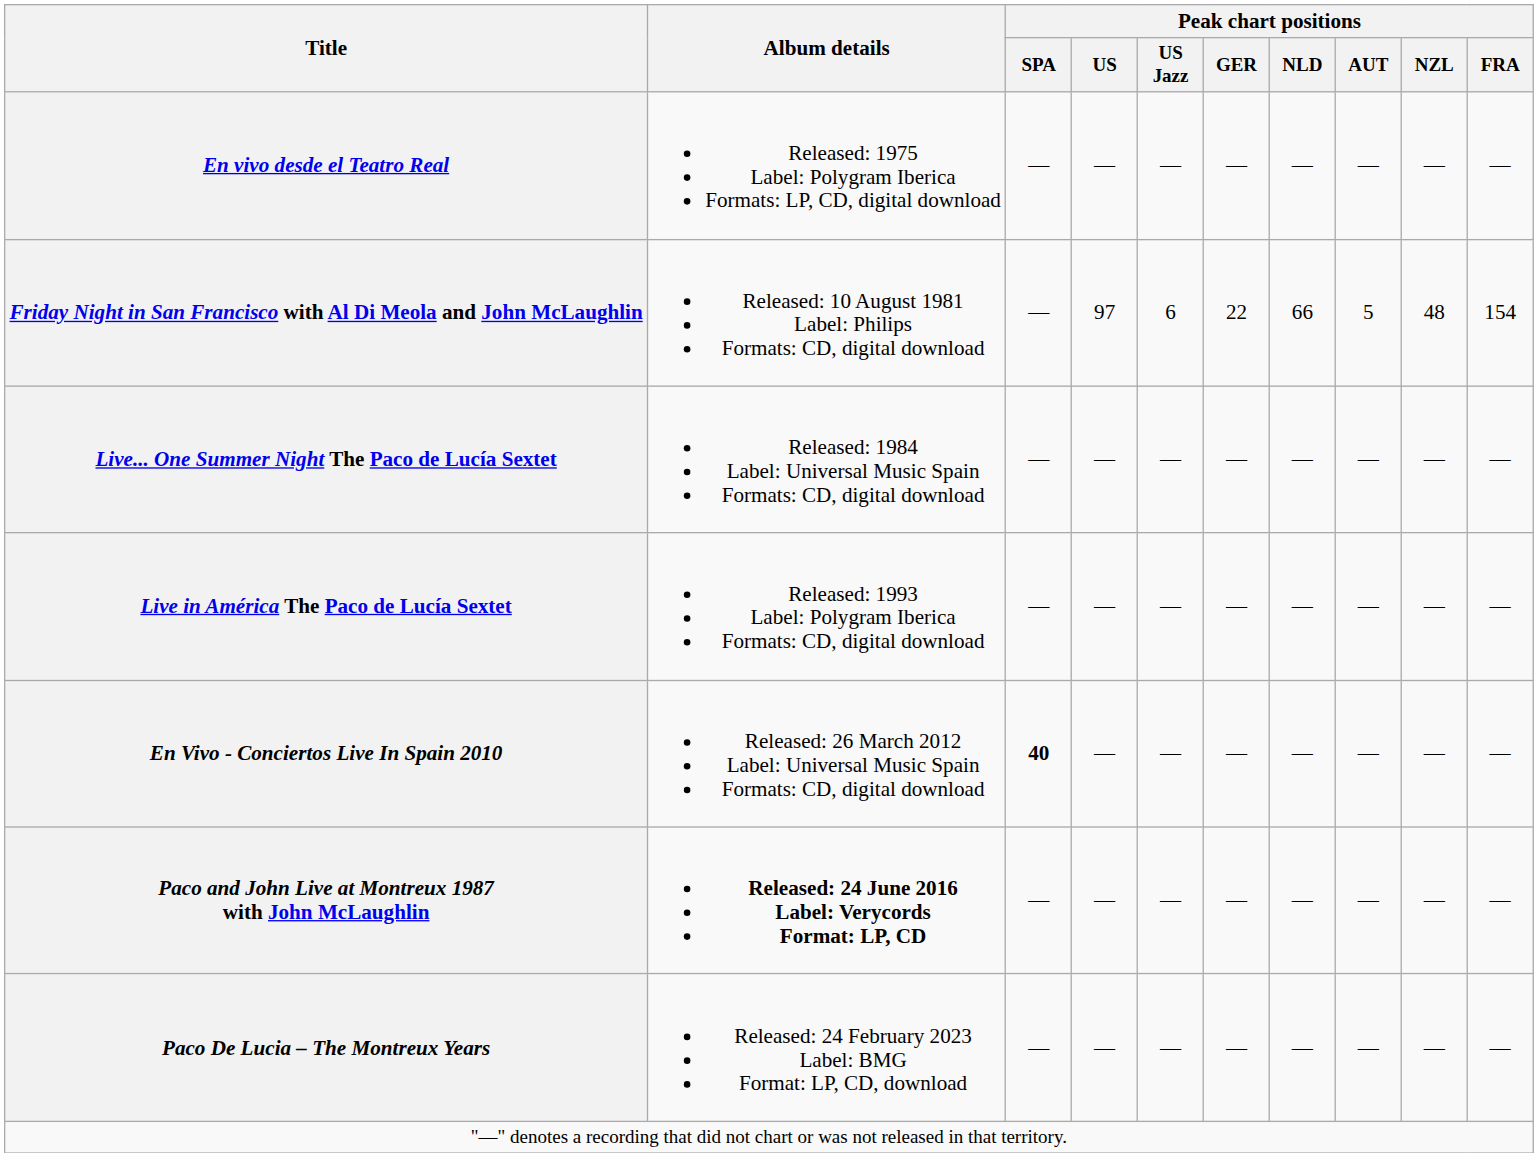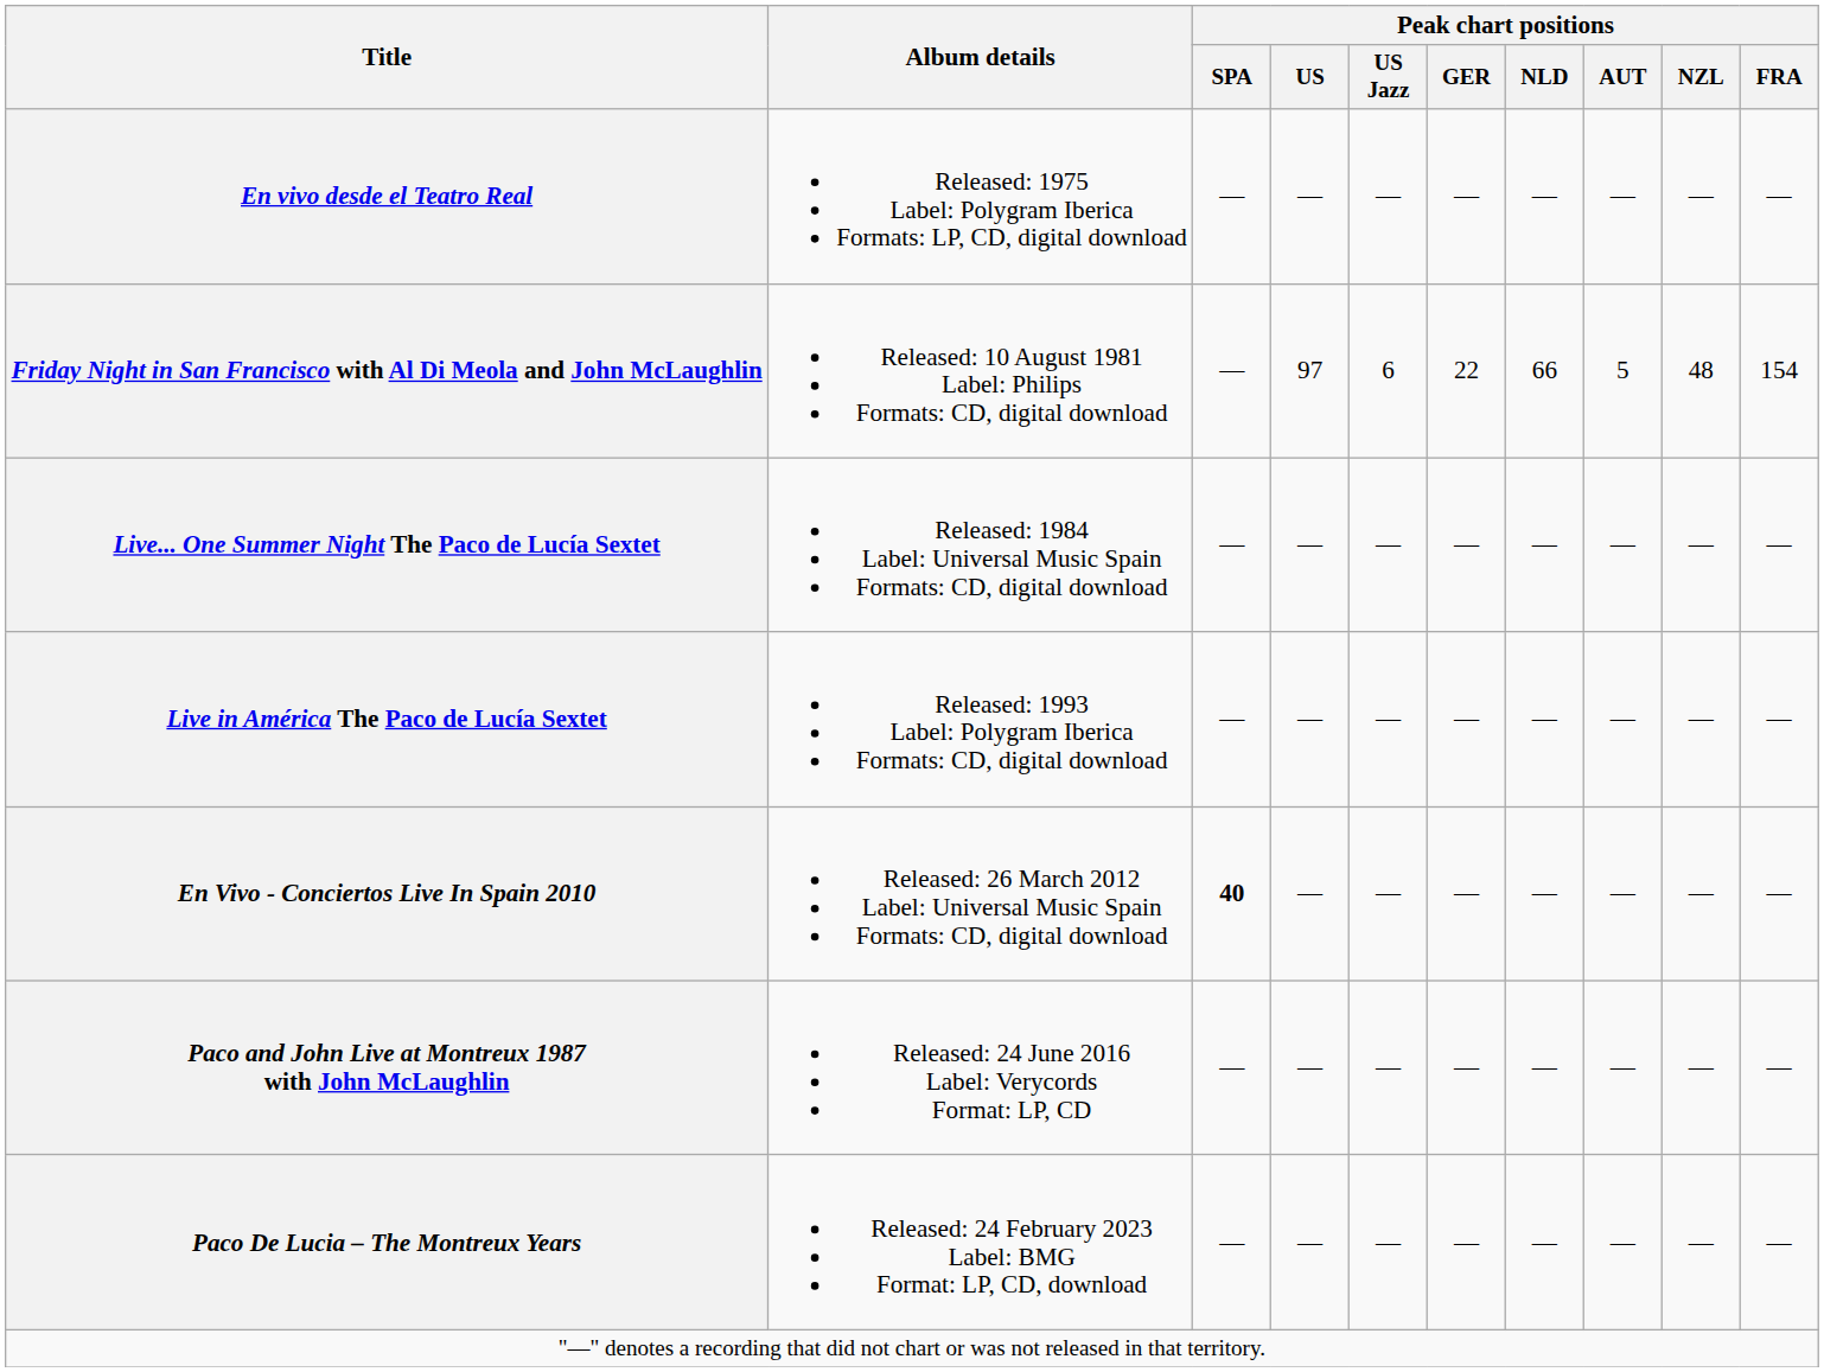 <table class="wikitable plainrowheaders" style="text-align:center;">
 <tr>
 <th scope="col" rowspan="2">Title</th>
 <th scope="col" rowspan="2">Album details</th>
 <th scope="col" colspan="8">Peak chart positions</th>
 </tr>
 <tr>
 <th scope="col" style="width:3em;font-size:90%;">SPA<br></th>
 <th scope="col" style="width:3em;font-size:90%;">US<br></th>
 <th scope="col" style="width:3em;font-size:90%;">US Jazz<br></th>
 <th scope="col" style="width:3em;font-size:90%;">GER<br></th>
 <th scope="col" style="width:3em;font-size:90%;">NLD<br></th>
 <th scope="col" style="width:3em;font-size:90%;">AUT<br></th>
 <th scope="col" style="width:3em;font-size:90%;">NZL<br></th>
 <th scope="col" style="width:3em;font-size:90%;">FRA<br></th>
 </tr>
 <tr>
 <th scope="row"><em><a href='#'>En vivo desde el Teatro Real</a></em></th>
 <td><br><ul><li>Released: 1975</li><li>Label: Polygram Iberica</li><li>Formats: LP, CD, digital download</li></ul></td>
 <td>—</td>
 <td>—</td>
 <td>—</td>
 <td>—</td>
 <td>—</td>
 <td>—</td>
 <td>—</td>
 <td>—</td>
 </tr>
 <tr>
 <th scope="row"><em><a href='#'>Friday Night in San Francisco</a></em> with <a href='#'>Al Di Meola</a> and <a href='#'>John McLaughlin</a></th>
 <td><br><ul><li>Released: 10 August 1981</li><li>Label: Philips</li><li>Formats: CD, digital download</li></ul></td>
 <td>—</td>
 <td>97</td>
 <td>6</td>
 <td>22</td>
 <td>66</td>
 <td>5</td>
 <td>48</td>
 <td>154</td>
 </tr>
 <tr>
 <th scope="row"><em><a href='#'>Live... One Summer Night</a></em> The <a href='#'>Paco de Lucía Sextet</a></th>
 <td><br><ul><li>Released: 1984</li><li>Label: Universal Music Spain</li><li>Formats: CD, digital download</li></ul></td>
 <td>—</td>
 <td>—</td>
 <td>—</td>
 <td>—</td>
 <td>—</td>
 <td>—</td>
 <td>—</td>
 <td>—</td>
 </tr>
 <tr>
 <th scope="row"><em><a href='#'>Live in América</a></em> The <a href='#'>Paco de Lucía Sextet</a></th>
 <td><br><ul><li>Released: 1993</li><li>Label: Polygram Iberica</li><li>Formats: CD, digital download</li></ul></td>
 <td>—</td>
 <td>—</td>
 <td>—</td>
 <td>—</td>
 <td>—</td>
 <td>—</td>
 <td>—</td>
 <td>—</td>
 </tr>
 <tr>
 <th scope="row"><em>En Vivo - Conciertos Live In Spain 2010</em></th>
 <td><br><ul><li>Released: 26 March 2012</li><li>Label: Universal Music Spain</li><li>Formats: CD, digital download</li></ul></td>
 <td><strong>40</strong></td>
 <td>—</td>
 <td>—</td>
 <td>—</td>
 <td>—</td>
 <td>—</td>
 <td>—</td>
 <td>—</td>
 </tr>
 <tr>
 <th scope="row"><em>Paco and John Live at Montreux 1987</em> <br>with <a href='#'>John McLaughlin</a></th>
-<td><strong><br><ul><li>Released: 24 June 2016</li><li>Label: Verycords</li><li>Format: LP, CD</li></ul></strong></td>
+<td><br><ul><li>Released: 24 June 2016</li><li>Label: Verycords</li><li>Format: LP, CD</li></ul></td>
 <td>—</td>
 <td>—</td>
 <td>—</td>
 <td>—</td>
 <td>—</td>
 <td>—</td>
 <td>—</td>
 <td>—</td>
 </tr>
 <tr>
 <th scope="row"><em>Paco De Lucia – The Montreux Years</em></th>
 <td><br><ul><li>Released: 24 February 2023</li><li>Label: BMG</li><li>Format: LP, CD, download</li></ul></td>
 <td>—</td>
 <td>—</td>
 <td>—</td>
 <td>—</td>
 <td>—</td>
 <td>—</td>
 <td>—</td>
 <td>—</td>
 </tr>
 <tr>
 <td colspan="15" style="font-size:90%">"—" denotes a recording that did not chart or was not released in that territory.</td>
 </tr>
 </table>
